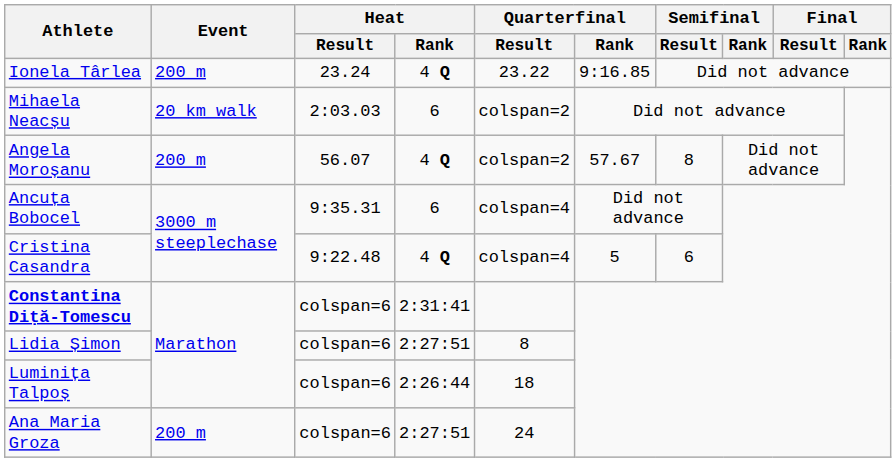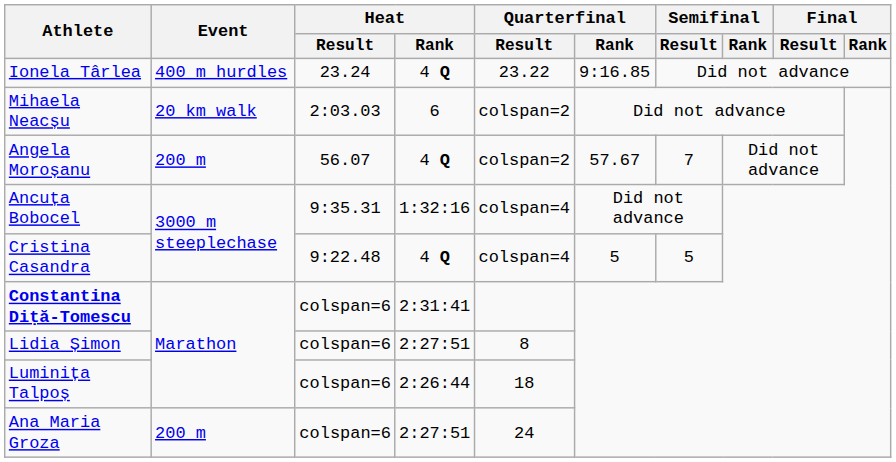 <table class=wikitable style="font-size:90%">
 <tr>
 <th rowspan="2">Athlete</th>
 <th rowspan="2">Event</th>
 <th colspan="2">Heat</th>
 <th colspan="2">Quarterfinal</th>
 <th colspan="2">Semifinal</th>
 <th colspan="2">Final</th>
 </tr>
 <tr style="font-size:95%">
 <th>Result</th>
 <th>Rank</th>
 <th>Result</th>
 <th>Rank</th>
 <th>Result</th>
 <th>Rank</th>
 <th>Result</th>
 <th>Rank</th>
 </tr>
 <tr align=center>
 <td align=left><a href='#'>Ionela Târlea</a></td>
-<td align=left><a href='#'>200 m</a></td>
+<td align=left><a href='#'>400 m hurdles</a></td>
 <td>23.24</td>
 <td>4 <strong>Q</strong></td>
 <td>23.22</td>
 <td>9:16.85</td>
 <td colspan=4>Did not advance</td>
 </tr>
 <tr align=center>
 <td align=left><a href='#'>Mihaela Neacșu</a></td>
 <td align=left><a href='#'>20 km walk</a></td>
 <td>2:03.03</td>
 <td>6</td>
 <td>colspan=2 </td>
 <td colspan=4>Did not advance</td>
 </tr>
 <tr align=center>
 <td align=left><a href='#'>Angela Moroșanu</a></td>
 <td align=left><a href='#'>200 m</a></td>
 <td>56.07</td>
 <td>4 <strong>Q</strong></td>
 <td>colspan=2 </td>
 <td>57.67</td>
-<td>8</td>
+<td>7</td>
 <td colspan=2>Did not advance</td>
 </tr>
 <tr align=center>
 <td align=left><a href='#'>Ancuța Bobocel</a></td>
 <td align=left rowspan=2><a href='#'>3000 m steeplechase</a></td>
 <td>9:35.31</td>
-<td>6</td>
+<td>1:32:16</td>
 <td>colspan=4 </td>
 <td colspan=2>Did not advance</td>
 </tr>
 <tr align=center>
 <td align=left><a href='#'>Cristina Casandra</a></td>
 <td>9:22.48</td>
 <td>4 <strong>Q</strong></td>
 <td>colspan=4 </td>
 <td>5</td>
-<td>6</td>
+<td>5</td>
 </tr>
 <tr align=center>
 <td align=left><strong><a href='#'>Constantina Diṭă-Tomescu</a></strong></td>
 <td align=left rowspan=3><a href='#'>Marathon</a></td>
 <td>colspan=6 </td>
 <td>2:31:41</td>
 <td></td>
 </tr>
 <tr align=center>
 <td align=left><a href='#'>Lidia Șimon</a></td>
 <td>colspan=6 </td>
 <td>2:27:51</td>
 <td>8</td>
 </tr>
 <tr align=center>
 <td align=left><a href='#'>Luminița Talpoș</a></td>
 <td>colspan=6 </td>
 <td>2:26:44</td>
 <td>18</td>
 </tr>
 <tr align=center>
 <td align=left><a href='#'>Ana Maria Groza</a></td>
 <td align=left><a href='#'>200 m</a></td>
 <td>colspan=6 </td>
 <td>2:27:51</td>
 <td>24</td>
 </tr>
 </table>
